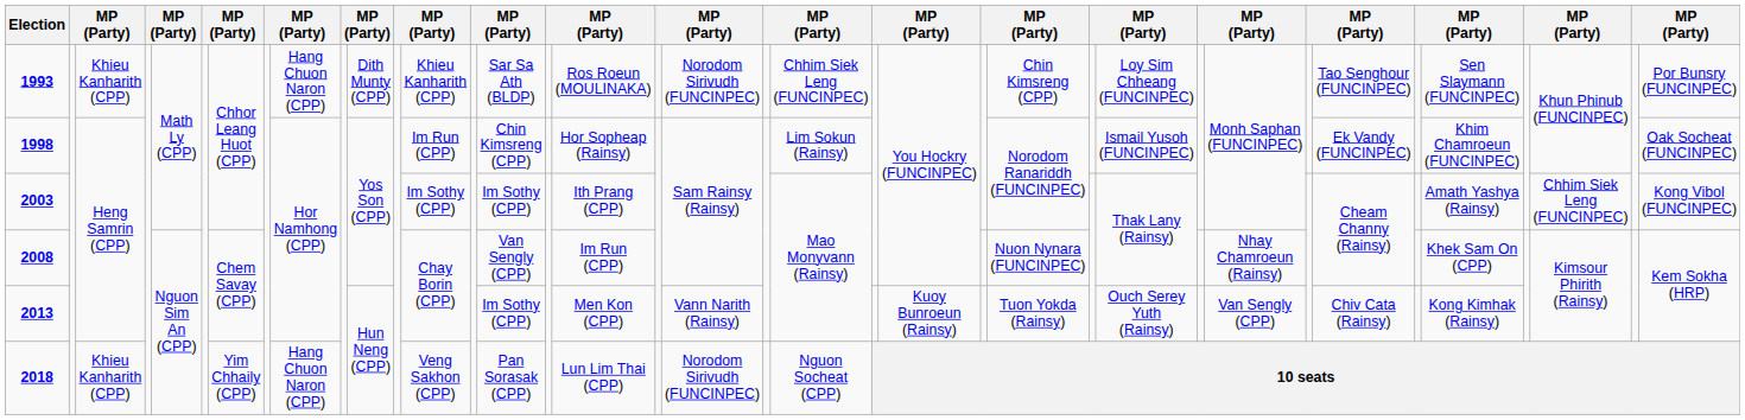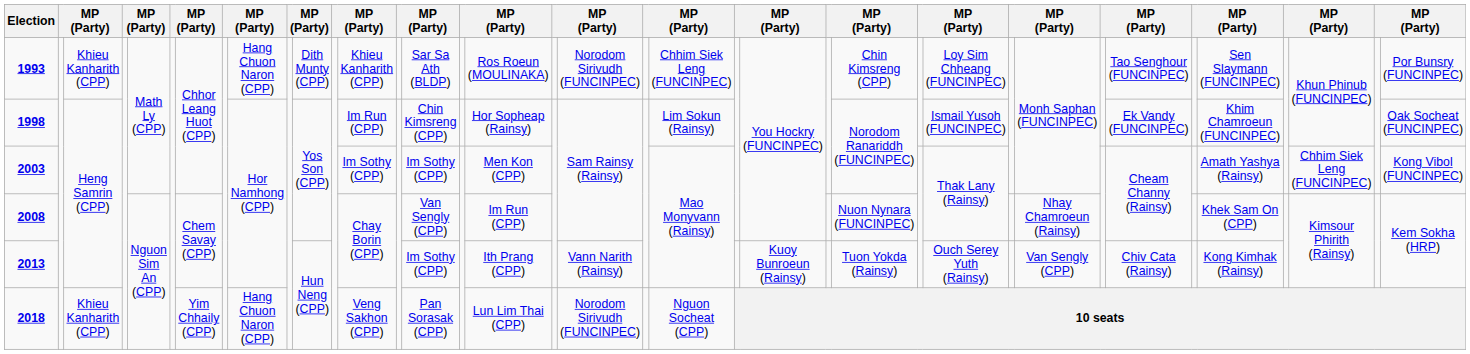 <table class="wikitable" style="text-align:center">
 <tr>
 <th>Election</th>
 <th colspan=2>MP<br>(Party)</th>
 <th colspan=2>MP<br>(Party)</th>
 <th colspan=2>MP<br>(Party)</th>
 <th colspan=2>MP<br>(Party)</th>
 <th colspan=2>MP<br>(Party)</th>
 <th colspan=2>MP<br>(Party)</th>
 <th colspan=2>MP<br>(Party)</th>
 <th colspan=2>MP<br>(Party)</th>
 <th colspan=2>MP<br>(Party)</th>
 <th colspan=2>MP<br>(Party)</th>
 <th colspan=2>MP<br>(Party)</th>
 <th colspan=2>MP<br>(Party)</th>
 <th colspan=2>MP<br>(Party)</th>
 <th colspan=2>MP<br>(Party)</th>
 <th colspan=2>MP<br>(Party)</th>
 <th colspan=2>MP<br>(Party)</th>
 <th colspan=2>MP<br>(Party)</th>
 <th colspan=2>MP<br>(Party)</th>
 </tr>
 <tr>
 <td><strong><a href='#'>1993</a></strong></td>
 <td rowspan=6; style="background-color: "></td>
 <td rowspan=1><a href='#'>Khieu Kanharith</a><br>(<a href='#'>CPP</a>)</td>
 <td rowspan=6; style="background-color: "></td>
 <td rowspan=3><a href='#'>Math Ly</a><br>(<a href='#'>CPP</a>)</td>
 <td rowspan=6; style="background-color: "></td>
 <td rowspan=3><a href='#'>Chhor Leang Huot</a><br>(<a href='#'>CPP</a>)</td>
 <td rowspan=6; style="background-color: "></td>
 <td rowspan=1><a href='#'>Hang Chuon Naron</a><br>(<a href='#'>CPP</a>)</td>
 <td rowspan=6; style="background-color: "></td>
 <td rowspan=1><a href='#'>Dith Munty</a><br>(<a href='#'>CPP</a>)</td>
 <td rowspan=6; style="background-color: "></td>
 <td rowspan=1><a href='#'>Khieu Kanharith</a><br>(<a href='#'>CPP</a>)</td>
 <td rowspan=1; style="background-color: "></td>
 <td rowspan=1><a href='#'>Sar Sa Ath</a><br>(<a href='#'>BLDP</a>)</td>
 <td rowspan=1; style="background-color: "></td>
 <td rowspan=1><a href='#'>Ros Roeun</a><br>(<a href='#'>MOULINAKA</a>)</td>
 <td rowspan=1; style="background-color: "></td>
 <td rowspan=1><a href='#'>Norodom Sirivudh</a><br>(<a href='#'>FUNCINPEC</a>)</td>
 <td rowspan=1; style="background-color: "></td>
 <td rowspan=1><a href='#'>Chhim Siek Leng</a><br>(<a href='#'>FUNCINPEC</a>)</td>
 <td rowspan=4; style="background-color: "></td>
 <td rowspan=4><a href='#'>You Hockry</a><br>(<a href='#'>FUNCINPEC</a>)</td>
 <td rowspan=3; style="background-color: "></td>
 <td rowspan=1><a href='#'>Chin Kimsreng</a><br>(<a href='#'>CPP</a>)</td>
 <td rowspan=2; style="background-color: "></td>
 <td rowspan=1><a href='#'>Loy Sim Chheang</a><br>(<a href='#'>FUNCINPEC</a>)</td>
 <td rowspan=3; style="background-color: "></td>
 <td rowspan=3><a href='#'>Monh Saphan</a><br>(<a href='#'>FUNCINPEC</a>)</td>
 <td rowspan=2; style="background-color: "></td>
 <td rowspan=1><a href='#'>Tao Senghour</a><br>(<a href='#'>FUNCINPEC</a>)</td>
 <td rowspan=2; style="background-color: "></td>
 <td rowspan=1><a href='#'>Sen Slaymann</a><br>(<a href='#'>FUNCINPEC</a>)</td>
 <td rowspan=3; style="background-color: "></td>
 <td rowspan=2><a href='#'>Khun Phinub</a><br>(<a href='#'>FUNCINPEC</a>)</td>
 <td rowspan=3; style="background-color: "></td>
 <td rowspan=1><a href='#'>Por Bunsry</a><br>(<a href='#'>FUNCINPEC</a>)</td>
 </tr>
 <tr>
 <td><strong><a href='#'>1998</a></strong></td>
 <td rowspan=4><a href='#'>Heng Samrin</a><br>(<a href='#'>CPP</a>)</td>
 <td rowspan=4><a href='#'>Hor Namhong</a><br>(<a href='#'>CPP</a>)</td>
 <td rowspan=3><a href='#'>Yos Son</a><br>(<a href='#'>CPP</a>)</td>
 <td rowspan=1><a href='#'>Im Run</a><br>(<a href='#'>CPP</a>)</td>
 <td rowspan=5; style="background-color: "></td>
 <td rowspan=1><a href='#'>Chin Kimsreng</a><br>(<a href='#'>CPP</a>)</td>
 <td rowspan=1; style="background-color: "></td>
 <td rowspan=1><a href='#'>Hor Sopheap</a><br>(<a href='#'>Rainsy</a>)</td>
 <td rowspan=4; style="background-color: "></td>
 <td rowspan=3><a href='#'>Sam Rainsy</a><br>(<a href='#'>Rainsy</a>)</td>
 <td rowspan=4; style="background-color: "></td>
 <td rowspan=1><a href='#'>Lim Sokun</a><br>(<a href='#'>Rainsy</a>)</td>
 <td rowspan=2><a href='#'>Norodom Ranariddh</a><br>(<a href='#'>FUNCINPEC</a>)</td>
 <td rowspan=1><a href='#'>Ismail Yusoh</a><br>(<a href='#'>FUNCINPEC</a>)</td>
 <td rowspan=1><a href='#'>Ek Vandy</a><br>(<a href='#'>FUNCINPEC</a>)</td>
 <td rowspan=1><a href='#'>Khim Chamroeun</a><br>(<a href='#'>FUNCINPEC</a>)</td>
 <td rowspan=1><a href='#'>Oak Socheat</a><br>(<a href='#'>FUNCINPEC</a>)</td>
 </tr>
 <tr>
 <td><strong><a href='#'>2003</a></strong></td>
 <td rowspan=1><a href='#'>Im Sothy</a><br>(<a href='#'>CPP</a>)</td>
 <td rowspan=1><a href='#'>Im Sothy</a><br>(<a href='#'>CPP</a>)</td>
 <td rowspan=4; style="background-color: "></td>
-<td rowspan=1><a href='#'>Ith Prang</a><br>(<a href='#'>CPP</a>)</td>
+<td rowspan=1><a href='#'>Men Kon</a><br>(<a href='#'>CPP</a>)</td>
 <td rowspan=3><a href='#'>Mao Monyvann</a><br>(<a href='#'>Rainsy</a>)</td>
 <td rowspan=3; style="background-color: "></td>
 <td rowspan=2><a href='#'>Thak Lany</a><br>(<a href='#'>Rainsy</a>)</td>
 <td rowspan=3; style="background-color: "></td>
 <td rowspan=2><a href='#'>Cheam Channy</a><br>(<a href='#'>Rainsy</a>)</td>
 <td rowspan=1; style="background-color: "></td>
 <td rowspan=1><a href='#'>Amath Yashya</a><br>(<a href='#'>Rainsy</a>)</td>
 <td rowspan=1><a href='#'>Chhim Siek Leng</a><br>(<a href='#'>FUNCINPEC</a>)</td>
 <td rowspan=1><a href='#'>Kong Vibol</a><br>(<a href='#'>FUNCINPEC</a>)</td>
 </tr>
 <tr>
 <td><strong><a href='#'>2008</a></strong></td>
 <td rowspan=3><a href='#'>Nguon Sim An</a><br>(<a href='#'>CPP</a>)</td>
 <td rowspan=2><a href='#'>Chem Savay</a><br>(<a href='#'>CPP</a>)</td>
 <td rowspan=2><a href='#'>Chay Borin</a><br>(<a href='#'>CPP</a>)</td>
 <td rowspan=1><a href='#'>Van Sengly</a><br>(<a href='#'>CPP</a>)</td>
 <td rowspan=1><a href='#'>Im Run</a><br>(<a href='#'>CPP</a>)</td>
 <td rowspan=1; style="background-color: "></td>
 <td rowspan=1><a href='#'>Nuon Nynara</a><br>(<a href='#'>FUNCINPEC</a>)</td>
 <td rowspan=1; style="background-color: "></td>
 <td rowspan=1><a href='#'>Nhay Chamroeun</a><br>(<a href='#'>Rainsy</a>)</td>
 <td rowspan=1; style="background-color: "></td>
 <td rowspan=1><a href='#'>Khek Sam On</a><br>(<a href='#'>CPP</a>)</td>
 <td rowspan=2; style="background-color: "></td>
 <td rowspan=2><a href='#'>Kimsour Phirith</a><br>(<a href='#'>Rainsy</a>)</td>
 <td rowspan=2; style="background-color: "></td>
 <td rowspan=2><a href='#'>Kem Sokha</a><br>(<a href='#'>HRP</a>)</td>
 </tr>
 <tr>
 <td><strong><a href='#'>2013</a></strong></td>
 <td rowspan=2><a href='#'>Hun Neng</a><br>(<a href='#'>CPP</a>)</td>
 <td rowspan=1><a href='#'>Im Sothy</a><br>(<a href='#'>CPP</a>)</td>
-<td rowspan=1><a href='#'>Men Kon</a><br>(<a href='#'>CPP</a>)</td>
+<td rowspan=1><a href='#'>Ith Prang</a><br>(<a href='#'>CPP</a>)</td>
 <td rowspan=1><a href='#'>Vann Narith</a><br>(<a href='#'>Rainsy</a>)</td>
 <td rowspan=1; style="background-color: "></td>
 <td rowspan=1><a href='#'>Kuoy Bunroeun</a><br>(<a href='#'>Rainsy</a>)</td>
 <td rowspan=1; style="background-color: "></td>
 <td rowspan=1><a href='#'>Tuon Yokda</a><br>(<a href='#'>Rainsy</a>)</td>
 <td rowspan=1><a href='#'>Ouch Serey Yuth</a><br>(<a href='#'>Rainsy</a>)</td>
 <td rowspan=1; style="background-color: "></td>
 <td rowspan=1><a href='#'>Van Sengly</a><br>(<a href='#'>CPP</a>)</td>
 <td rowspan=1><a href='#'>Chiv Cata</a><br>(<a href='#'>Rainsy</a>)</td>
 <td rowspan=1; style="background-color: "></td>
 <td rowspan=1><a href='#'>Kong Kimhak</a><br>(<a href='#'>Rainsy</a>)</td>
 </tr>
 <tr>
 <td><strong><a href='#'>2018</a></strong></td>
 <td rowspan=1><a href='#'>Khieu Kanharith</a><br>(<a href='#'>CPP</a>)</td>
 <td rowspan=1><a href='#'>Yim Chhaily</a><br>(<a href='#'>CPP</a>)</td>
 <td rowspan=1><a href='#'>Hang Chuon Naron</a><br>(<a href='#'>CPP</a>)</td>
 <td rowspan=1><a href='#'>Veng Sakhon</a><br>(<a href='#'>CPP</a>)</td>
 <td rowspan=1><a href='#'>Pan Sorasak</a><br>(<a href='#'>CPP</a>)</td>
 <td rowspan=1><a href='#'>Lun Lim Thai</a><br>(<a href='#'>CPP</a>)</td>
 <td rowspan=1; style="background-color: "></td>
 <td rowspan=1><a href='#'>Norodom Sirivudh</a><br>(<a href='#'>FUNCINPEC</a>)</td>
 <td rowspan=1; style="background-color: "></td>
 <td rowspan=1><a href='#'>Nguon Socheat</a><br>(<a href='#'>CPP</a>)</td>
 <th colspan=16>10 seats</th>
 </tr>
 </table>
